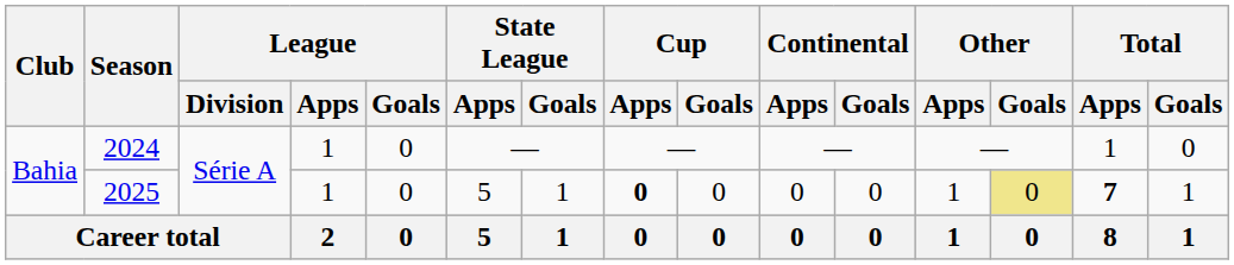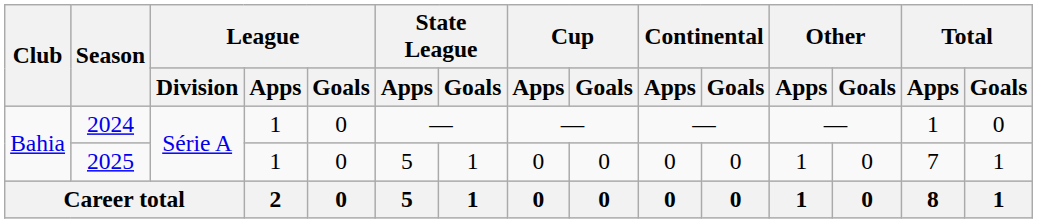 <table class="wikitable" style="text-align: center;">
 <tr>
 <th rowspan="2">Club</th>
 <th rowspan="2">Season</th>
 <th colspan="3">League</th>
 <th colspan="2">State League</th>
 <th colspan="2">Cup</th>
 <th colspan="2">Continental</th>
 <th colspan="2">Other</th>
 <th colspan="2">Total</th>
 </tr>
 <tr>
 <th>Division</th>
 <th>Apps</th>
 <th>Goals</th>
 <th>Apps</th>
 <th>Goals</th>
 <th>Apps</th>
 <th>Goals</th>
 <th>Apps</th>
 <th>Goals</th>
 <th>Apps</th>
 <th>Goals</th>
 <th>Apps</th>
 <th>Goals</th>
 </tr>
 <tr>
 <td rowspan="2" valign="center"><a href='#'>Bahia</a></td>
 <td><a href='#'>2024</a></td>
 <td rowspan="2"><a href='#'>Série A</a></td>
 <td>1</td>
 <td>0</td>
 <td colspan="2">—</td>
 <td colspan="2">—</td>
 <td colspan="2">—</td>
 <td colspan="2">—</td>
 <td>1</td>
 <td>0</td>
 </tr>
 <tr>
 <td><a href='#'>2025</a></td>
 <td>1</td>
 <td>0</td>
 <td>5</td>
 <td>1</td>
-<td><strong>0</strong></td>
+<td>0</td>
 <td>0</td>
 <td>0</td>
 <td>0</td>
 <td>1</td>
-<td style="background: khaki;">0</td>
-<td><strong>7</strong></td>
+<td>0</td>
+<td>7</td>
 <td>1</td>
 </tr>
 <tr>
 <th colspan="3"><strong>Career total</strong></th>
 <th>2</th>
 <th>0</th>
 <th>5</th>
 <th>1</th>
 <th>0</th>
 <th>0</th>
 <th>0</th>
 <th>0</th>
 <th>1</th>
 <th>0</th>
 <th>8</th>
 <th>1</th>
 </tr>
 </table>
